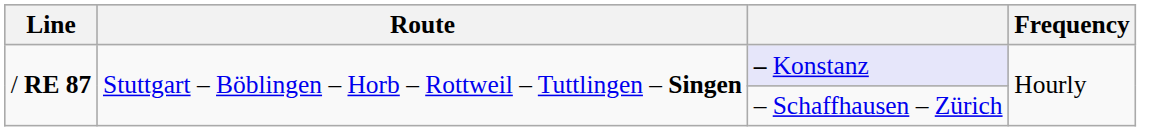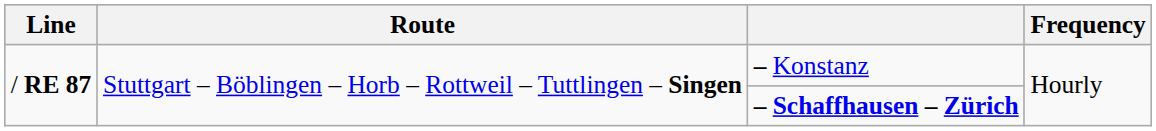 <table class="wikitable">
 <tr style="background-color:#e3e3e3;">
 <th>Line</th>
 <th>Route</th>
 <th></th>
 <th>Frequency</th>
 </tr>
 <tr>
 <td rowspan="2"> / <strong>RE 87</strong></td>
 <td rowspan="2"><a href='#'>Stuttgart</a> – <a href='#'>Böblingen</a> – <a href='#'>Horb</a> – <a href='#'>Rottweil</a> – <a href='#'>Tuttlingen</a> – <strong>Singen</strong></td>
-<td style="background: lavender;"><strong>–</strong> <a href='#'>Konstanz</a></td>
+<td><strong>–</strong> <a href='#'>Konstanz</a></td>
 <td rowspan="2">Hourly</td>
 </tr>
 <tr>
-<td>– <a href='#'>Schaffhausen</a> – <a href='#'>Zürich</a></td>
+<td><strong>– <a href='#'>Schaffhausen</a> – <a href='#'>Zürich</a></strong></td>
 </tr>
 </table>
